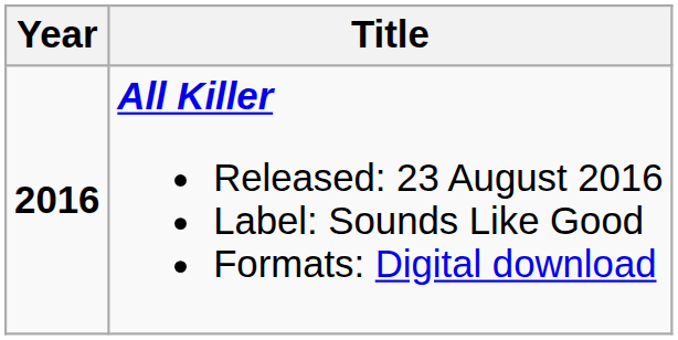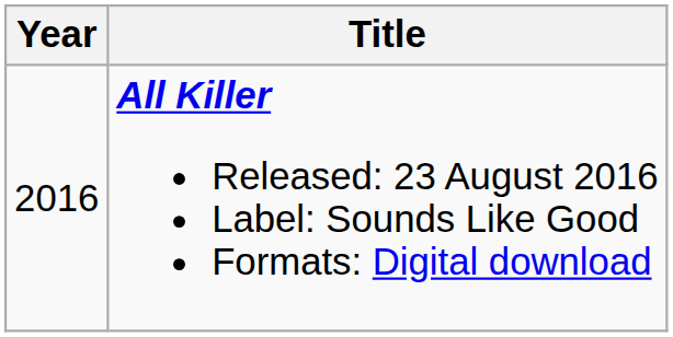 <table class="wikitable">
 <tr>
 <th>Year</th>
 <th>Title</th>
 </tr>
 <tr>
-<td><strong>2016</strong></td>
+<td>2016</td>
 <td align="left"><strong><em><a href='#'>All Killer</a></em></strong><br><ul><li>Released: 23 August 2016</li><li>Label: Sounds Like Good</li><li>Formats: <a href='#'>Digital download</a></li></ul></td>
 </tr>
 </table>
